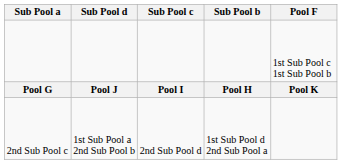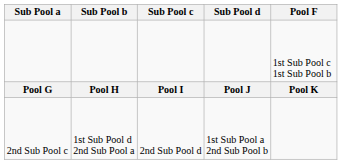 <table class="wikitable">
 <tr>
 <th width=20%>Sub Pool a</th>
+<th width=20%>Sub Pool b</th>
+<th width=20%>Sub Pool c</th>
 <th width=20%>Sub Pool d</th>
-<th width=20%>Sub Pool c</th>
-<th width=20%>Sub Pool b</th>
 <th width=20%>Pool F</th>
 </tr>
 <tr>
 <td valign=top><br><br> <br> </td>
-<td><br><br> <br> <br> </td>
 <td valign=top><br><br> <br> </td>
 <td valign=top><br><br> <br> </td>
+<td><br><br> <br> <br> </td>
 <td><br><br> <br> 1st Sub Pool c<br> 1st Sub Pool b</td>
 </tr>
 <tr>
 <th width=20%>Pool G</th>
+<th width=20%>Pool H</th>
+<th width=20%>Pool I</th>
 <th width=20%>Pool J</th>
-<th width=20%>Pool I</th>
-<th width=20%>Pool H</th>
 <th width=20%>Pool K</th>
 </tr>
 <tr>
 <td><br><br> <br> <br> 2nd Sub Pool c</td>
+<td><br><br> <br> 1st Sub Pool d<br> 2nd Sub Pool a</td>
+<td><br><br> <br> <br> 2nd Sub Pool d</td>
 <td><br><br> <br> 1st Sub Pool a<br> 2nd Sub Pool b</td>
-<td><br><br> <br> <br> 2nd Sub Pool d</td>
-<td><br><br> <br> 1st Sub Pool d<br> 2nd Sub Pool a</td>
 <td valign=top><br><br> <br> </td>
 </tr>
 </table>
